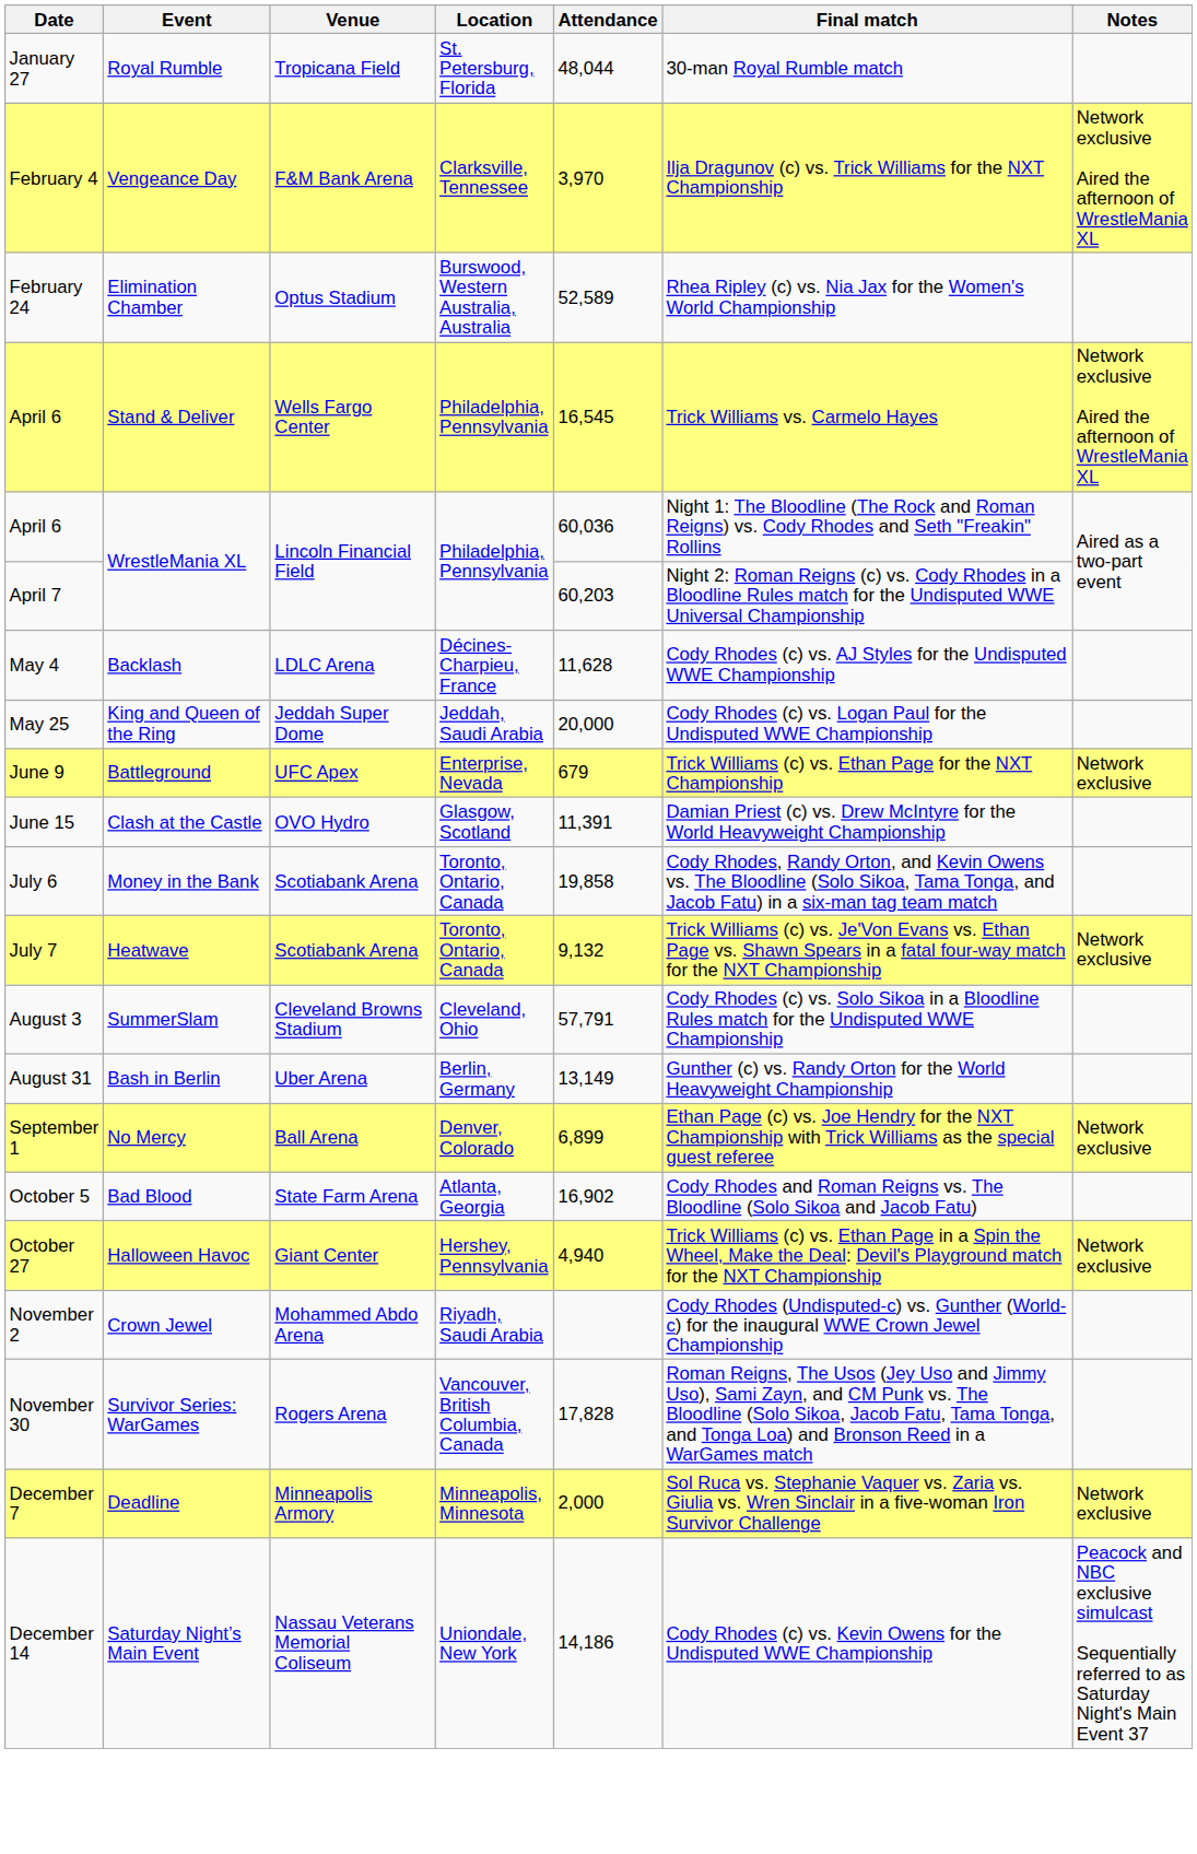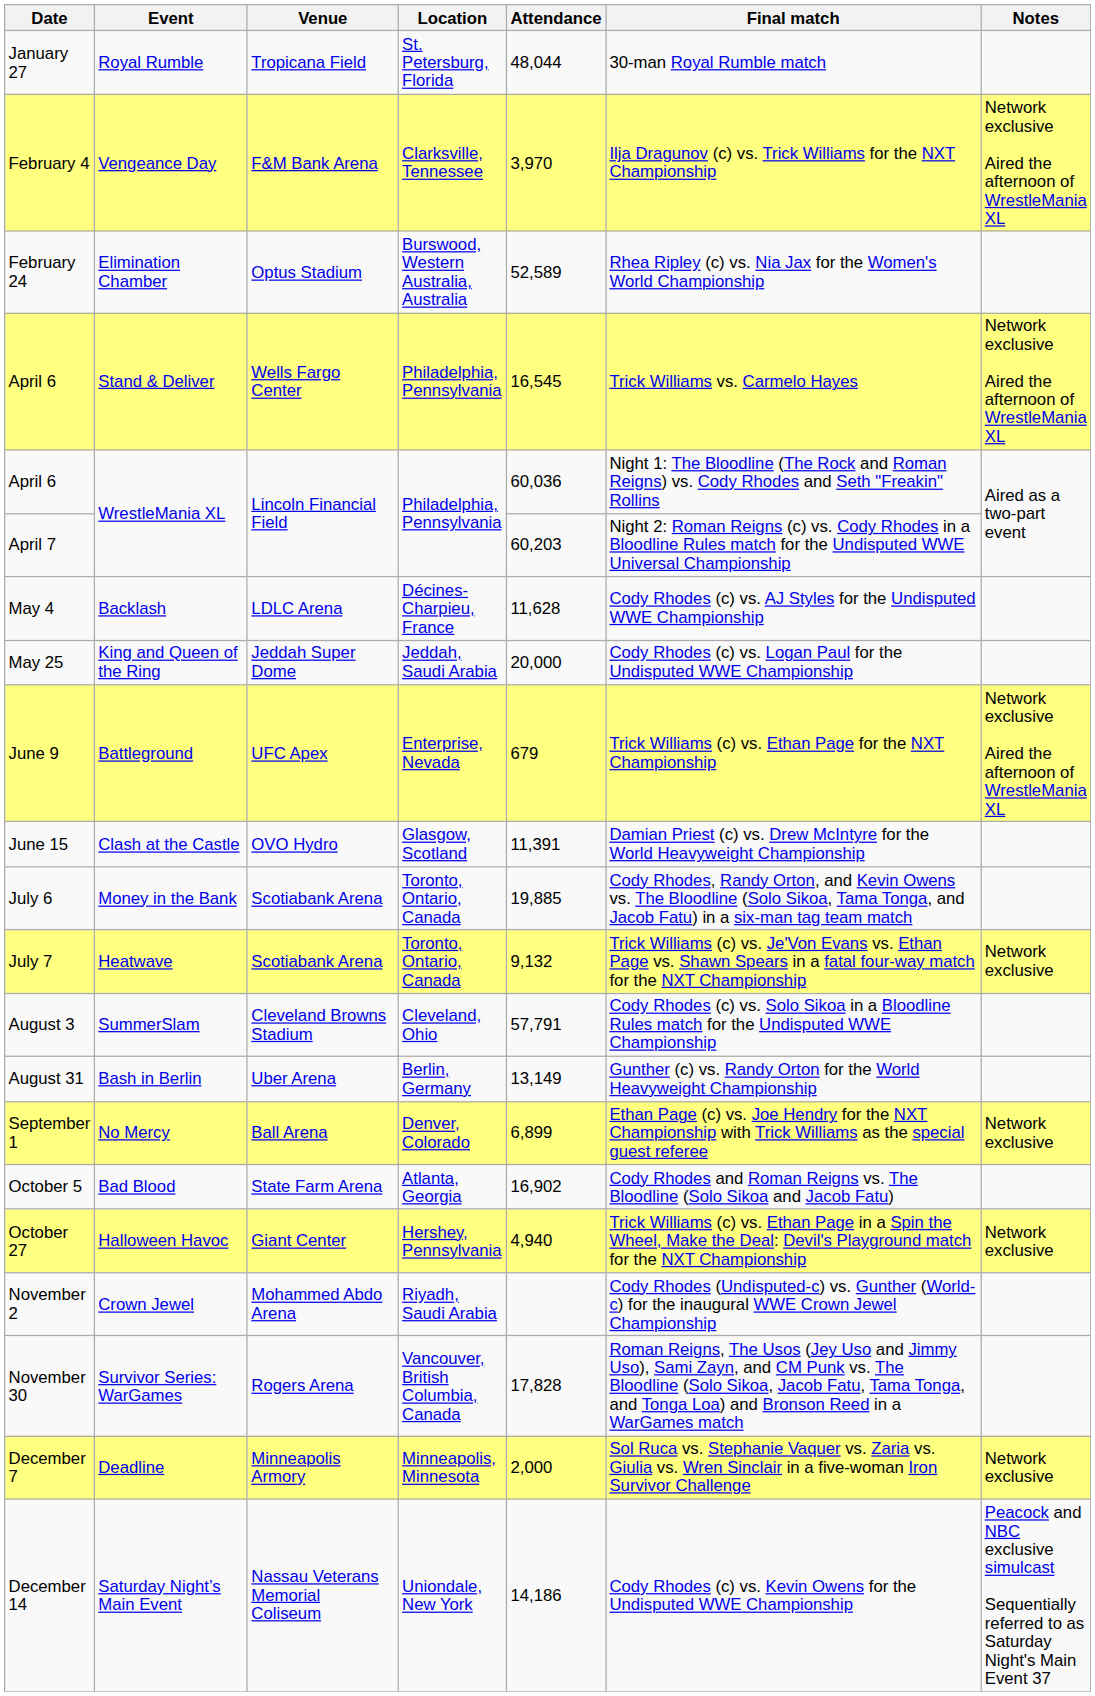 <table id="Past_events_2024" class="sortable wikitable succession-box" style="font-size:85%; width:100%">
 <tr>
 <th scope="col" style="width:5%;">Date</th>
 <th scope="col" style="width:15%;">Event</th>
 <th scope="col" style="width:15%;">Venue</th>
 <th scope="col" style="width:10%;">Location</th>
 <th scope="col" style="width:5%;">Attendance</th>
 <th scope="col" style="width:40%;">Final match</th>
 <th scope="col" style="width:10%;">Notes</th>
 </tr>
 <tr>
 <td>January 27</td>
 <td><a href='#'>Royal Rumble</a></td>
 <td><a href='#'>Tropicana Field</a></td>
 <td><a href='#'>St. Petersburg, Florida</a></td>
 <td>48,044</td>
 <td>30-man <a href='#'>Royal Rumble match</a></td>
 <td></td>
 </tr>
 <tr style="background: #FFFF80;">
 <td>February 4</td>
 <td><a href='#'>Vengeance Day</a></td>
 <td><a href='#'>F&M Bank Arena</a></td>
 <td><a href='#'>Clarksville, Tennessee</a></td>
 <td>3,970</td>
 <td><a href='#'>Ilja Dragunov</a> (c) vs. <a href='#'>Trick Williams</a> for the <a href='#'>NXT Championship</a></td>
 <td>Network exclusive<br><br>Aired the afternoon of <a href='#'>WrestleMania XL</a></td>
 </tr>
 <tr>
 <td>February 24</td>
 <td><a href='#'>Elimination Chamber</a></td>
 <td><a href='#'>Optus Stadium</a></td>
 <td><a href='#'>Burswood, Western Australia, Australia</a></td>
 <td>52,589</td>
 <td><a href='#'>Rhea Ripley</a> (c) vs. <a href='#'>Nia Jax</a> for the <a href='#'>Women's World Championship</a></td>
 <td></td>
 </tr>
 <tr style="background: #FFFF80;">
 <td>April 6</td>
 <td><a href='#'>Stand & Deliver</a></td>
 <td><a href='#'>Wells Fargo Center</a></td>
 <td><a href='#'>Philadelphia, Pennsylvania</a></td>
 <td>16,545</td>
 <td><a href='#'>Trick Williams</a> vs. <a href='#'>Carmelo Hayes</a></td>
 <td>Network exclusive<br><br>Aired the afternoon of <a href='#'>WrestleMania XL</a></td>
 </tr>
 <tr>
 <td>April 6</td>
 <td rowspan="2"><a href='#'>WrestleMania XL</a></td>
 <td rowspan="2"><a href='#'>Lincoln Financial Field</a></td>
 <td rowspan="2"><a href='#'>Philadelphia, Pennsylvania</a></td>
 <td>60,036</td>
 <td>Night 1: <a href='#'>The Bloodline</a> (<a href='#'>The Rock</a> and <a href='#'>Roman Reigns</a>) vs. <a href='#'>Cody Rhodes</a> and <a href='#'>Seth "Freakin" Rollins</a></td>
 <td rowspan="2">Aired as a two-part event</td>
 </tr>
 <tr>
 <td>April 7</td>
 <td>60,203</td>
 <td>Night 2: <a href='#'>Roman Reigns</a> (c) vs. <a href='#'>Cody Rhodes</a> in a <a href='#'>Bloodline Rules match</a> for the <a href='#'>Undisputed WWE Universal Championship</a></td>
 </tr>
 <tr>
 <td>May 4</td>
 <td><a href='#'>Backlash</a></td>
 <td><a href='#'>LDLC Arena</a></td>
 <td><a href='#'>Décines-Charpieu, France</a></td>
 <td>11,628</td>
 <td><a href='#'>Cody Rhodes</a> (c) vs. <a href='#'>AJ Styles</a> for the <a href='#'>Undisputed WWE Championship</a></td>
 <td></td>
 </tr>
 <tr>
 <td>May 25</td>
 <td><a href='#'>King and Queen of the Ring</a></td>
 <td><a href='#'>Jeddah Super Dome</a></td>
 <td><a href='#'>Jeddah, Saudi Arabia</a></td>
 <td>20,000</td>
 <td><a href='#'>Cody Rhodes</a> (c) vs. <a href='#'>Logan Paul</a> for the <a href='#'>Undisputed WWE Championship</a></td>
 <td></td>
 </tr>
 <tr style="background: #FFFF80;">
 <td>June 9</td>
 <td><a href='#'>Battleground</a></td>
 <td><a href='#'>UFC Apex</a></td>
 <td><a href='#'>Enterprise, Nevada</a></td>
 <td>679</td>
 <td><a href='#'>Trick Williams</a> (c) vs. <a href='#'>Ethan Page</a> for the <a href='#'>NXT Championship</a></td>
-<td>Network exclusive</td>
+<td>Network exclusive<br><br>Aired the afternoon of <a href='#'>WrestleMania XL</a></td>
 </tr>
 <tr>
 <td>June 15</td>
 <td><a href='#'>Clash at the Castle</a></td>
 <td><a href='#'>OVO Hydro</a></td>
 <td><a href='#'>Glasgow, Scotland</a></td>
 <td>11,391</td>
 <td><a href='#'>Damian Priest</a> (c) vs. <a href='#'>Drew McIntyre</a> for the <a href='#'>World Heavyweight Championship</a></td>
 <td></td>
 </tr>
 <tr>
 <td>July 6</td>
 <td><a href='#'>Money in the Bank</a></td>
 <td><a href='#'>Scotiabank Arena</a></td>
 <td><a href='#'>Toronto, Ontario, Canada</a></td>
-<td>19,858</td>
+<td>19,885</td>
 <td><a href='#'>Cody Rhodes</a>, <a href='#'>Randy Orton</a>, and <a href='#'>Kevin Owens</a> vs. <a href='#'>The Bloodline</a> (<a href='#'>Solo Sikoa</a>, <a href='#'>Tama Tonga</a>, and <a href='#'>Jacob Fatu</a>) in a <a href='#'>six-man tag team match</a></td>
 <td></td>
 </tr>
 <tr style="background: #FFFF80;">
 <td>July 7</td>
 <td><a href='#'>Heatwave</a></td>
 <td><a href='#'>Scotiabank Arena</a></td>
 <td><a href='#'>Toronto, Ontario, Canada</a></td>
 <td>9,132</td>
 <td><a href='#'>Trick Williams</a> (c) vs. <a href='#'>Je'Von Evans</a> vs. <a href='#'>Ethan Page</a> vs. <a href='#'>Shawn Spears</a> in a <a href='#'>fatal four-way match</a> for the <a href='#'>NXT Championship</a></td>
 <td>Network exclusive</td>
 </tr>
 <tr>
 <td>August 3</td>
 <td><a href='#'>SummerSlam</a></td>
 <td><a href='#'>Cleveland Browns Stadium</a></td>
 <td><a href='#'>Cleveland, Ohio</a></td>
 <td>57,791</td>
 <td><a href='#'>Cody Rhodes</a> (c) vs. <a href='#'>Solo Sikoa</a> in a <a href='#'>Bloodline Rules match</a> for the <a href='#'>Undisputed WWE Championship</a></td>
 <td></td>
 </tr>
 <tr>
 <td>August 31</td>
 <td><a href='#'>Bash in Berlin</a></td>
 <td><a href='#'>Uber Arena</a></td>
 <td><a href='#'>Berlin, Germany</a></td>
 <td>13,149</td>
 <td><a href='#'>Gunther</a> (c) vs. <a href='#'>Randy Orton</a> for the <a href='#'>World Heavyweight Championship</a></td>
 <td></td>
 </tr>
 <tr style="background: #FFFF80">
 <td>September 1</td>
 <td><a href='#'>No Mercy</a></td>
 <td><a href='#'>Ball Arena</a></td>
 <td><a href='#'>Denver, Colorado</a></td>
 <td>6,899</td>
 <td><a href='#'>Ethan Page</a> (c) vs. <a href='#'>Joe Hendry</a> for the <a href='#'>NXT Championship</a> with <a href='#'>Trick Williams</a> as the <a href='#'>special guest referee</a></td>
 <td>Network exclusive</td>
 </tr>
 <tr>
 <td>October 5</td>
 <td><a href='#'>Bad Blood</a></td>
 <td><a href='#'>State Farm Arena</a></td>
 <td><a href='#'>Atlanta, Georgia</a></td>
 <td>16,902</td>
 <td><a href='#'>Cody Rhodes</a> and <a href='#'>Roman Reigns</a> vs. <a href='#'>The Bloodline</a> (<a href='#'>Solo Sikoa</a> and <a href='#'>Jacob Fatu</a>)</td>
 <td></td>
 </tr>
 <tr style="background: #FFFF80">
 <td>October 27</td>
 <td><a href='#'>Halloween Havoc</a></td>
 <td><a href='#'>Giant Center</a></td>
 <td><a href='#'>Hershey, Pennsylvania</a></td>
 <td>4,940</td>
 <td><a href='#'>Trick Williams</a> (c) vs. <a href='#'>Ethan Page</a> in a <a href='#'>Spin the Wheel, Make the Deal</a>: <a href='#'>Devil's Playground match</a> for the <a href='#'>NXT Championship</a></td>
 <td>Network exclusive</td>
 </tr>
 <tr>
 <td>November 2</td>
 <td><a href='#'>Crown Jewel</a></td>
 <td><a href='#'>Mohammed Abdo Arena</a></td>
 <td><a href='#'>Riyadh, Saudi Arabia</a></td>
 <td></td>
 <td><a href='#'>Cody Rhodes</a> (<a href='#'>Undisputed-c</a>) vs. <a href='#'>Gunther</a> (<a href='#'>World-c</a>) for the inaugural <a href='#'>WWE Crown Jewel Championship</a></td>
 <td></td>
 </tr>
 <tr>
 <td>November 30</td>
 <td><a href='#'>Survivor Series: WarGames</a></td>
 <td><a href='#'>Rogers Arena</a></td>
 <td><a href='#'>Vancouver, British Columbia, Canada</a></td>
 <td>17,828</td>
 <td><a href='#'>Roman Reigns</a>, <a href='#'>The Usos</a> (<a href='#'>Jey Uso</a> and <a href='#'>Jimmy Uso</a>), <a href='#'>Sami Zayn</a>, and <a href='#'>CM Punk</a> vs. <a href='#'>The Bloodline</a> (<a href='#'>Solo Sikoa</a>, <a href='#'>Jacob Fatu</a>, <a href='#'>Tama Tonga</a>, and <a href='#'>Tonga Loa</a>) and <a href='#'>Bronson Reed</a> in a <a href='#'>WarGames match</a></td>
 <td></td>
 </tr>
 <tr style="background: #FFFF80">
 <td>December 7</td>
 <td><a href='#'>Deadline</a></td>
 <td><a href='#'>Minneapolis Armory</a></td>
 <td><a href='#'>Minneapolis, Minnesota</a></td>
 <td>2,000</td>
 <td><a href='#'>Sol Ruca</a> vs. <a href='#'>Stephanie Vaquer</a> vs. <a href='#'>Zaria</a> vs. <a href='#'>Giulia</a> vs. <a href='#'>Wren Sinclair</a> in a five-woman <a href='#'>Iron Survivor Challenge</a></td>
 <td>Network exclusive</td>
 </tr>
 <tr>
 <td>December 14</td>
 <td><a href='#'>Saturday Night’s Main Event</a></td>
 <td><a href='#'>Nassau Veterans Memorial Coliseum</a></td>
 <td><a href='#'>Uniondale, New York</a></td>
 <td>14,186</td>
 <td><a href='#'>Cody Rhodes</a> (c) vs. <a href='#'>Kevin Owens</a> for the <a href='#'>Undisputed WWE Championship</a></td>
 <td><a href='#'>Peacock</a> and <a href='#'>NBC</a> exclusive <a href='#'>simulcast</a><br><br>Sequentially referred to as Saturday Night's Main Event 37</td>
 </tr>
 <tr>
 </tr>
 </table>
